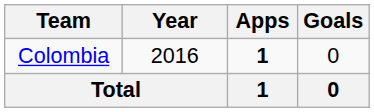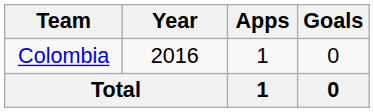 <table class="wikitable" style="text-align: center;">
 <tr>
 <th width="80">Team</th>
 <th width="70">Year</th>
 <th width="45">Apps</th>
 <th width="45">Goals</th>
 </tr>
 <tr>
 <td><a href='#'>Colombia</a></td>
 <td>2016</td>
-<td><strong>1</strong></td>
+<td>1</td>
 <td>0</td>
 </tr>
 <tr>
 <th colspan=2>Total</th>
 <th>1</th>
 <th>0</th>
 </tr>
 </table>
